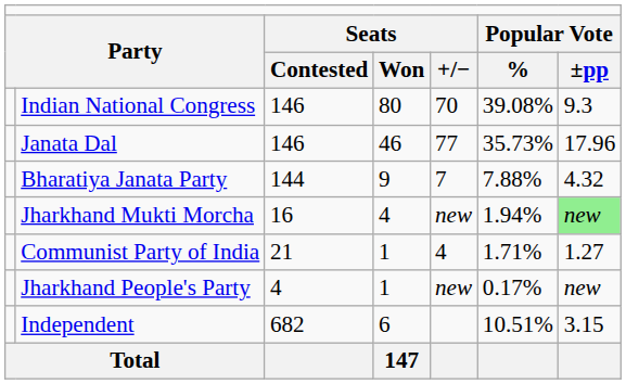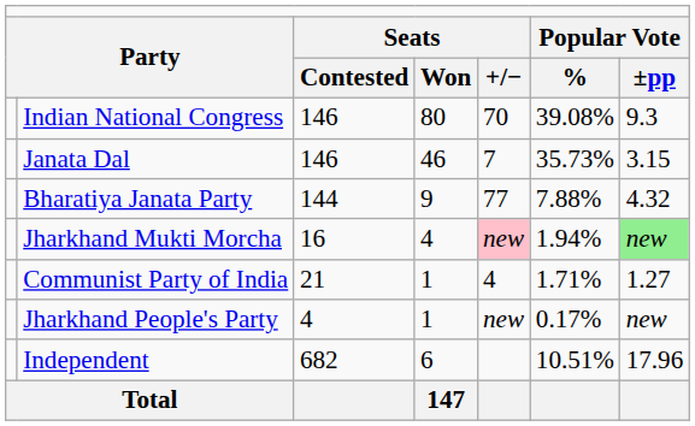 <table class="wikitable">
 <tr>
 <td colspan="7"></td>
 </tr>
 <tr>
 <th colspan="2" rowspan="2">Party</th>
 <th colspan="3">Seats</th>
 <th colspan="2">Popular Vote</th>
 </tr>
 <tr>
 <th>Contested</th>
 <th>Won</th>
 <th><strong>+/−</strong></th>
 <th>%</th>
 <th>±<a href='#'>pp</a></th>
 </tr>
 <tr>
 <td style="background-color: "></td>
 <td><a href='#'>Indian National Congress</a></td>
 <td>146</td>
 <td>80</td>
 <td>70</td>
 <td>39.08%</td>
 <td>9.3</td>
 </tr>
 <tr>
 <td style="background-color: "></td>
 <td><a href='#'>Janata Dal</a></td>
 <td>146</td>
 <td>46</td>
-<td>77</td>
+<td>7</td>
 <td>35.73%</td>
-<td>17.96</td>
+<td>3.15</td>
 </tr>
 <tr>
 <td style="background-color: "></td>
 <td><a href='#'>Bharatiya Janata Party</a></td>
 <td>144</td>
 <td>9</td>
-<td>7</td>
+<td>77</td>
 <td>7.88%</td>
 <td>4.32</td>
 </tr>
 <tr>
 <td style="background-color: "></td>
 <td><a href='#'>Jharkhand Mukti Morcha</a></td>
 <td>16</td>
 <td>4</td>
-<td><em>new</em></td>
+<td style="background: pink;"><em>new</em></td>
 <td>1.94%</td>
 <td style="background: lightgreen;"><em>new</em></td>
 </tr>
 <tr>
 <td style="background-color: "></td>
 <td><a href='#'>Communist Party of India</a></td>
 <td>21</td>
 <td>1</td>
 <td>4</td>
 <td>1.71%</td>
 <td>1.27</td>
 </tr>
 <tr>
 <td style="background-color: "></td>
 <td><a href='#'>Jharkhand People's Party</a></td>
 <td>4</td>
 <td>1</td>
 <td><em>new</em></td>
 <td>0.17%</td>
 <td><em>new</em></td>
 </tr>
 <tr>
 <td style="background-color: "></td>
 <td><a href='#'>Independent</a></td>
 <td>682</td>
 <td>6</td>
 <td></td>
 <td>10.51%</td>
-<td>3.15</td>
+<td>17.96</td>
 </tr>
 <tr>
 <th colspan="2">Total</th>
 <th></th>
 <th>147</th>
 <th></th>
 <th></th>
 <th></th>
 </tr>
 </table>
